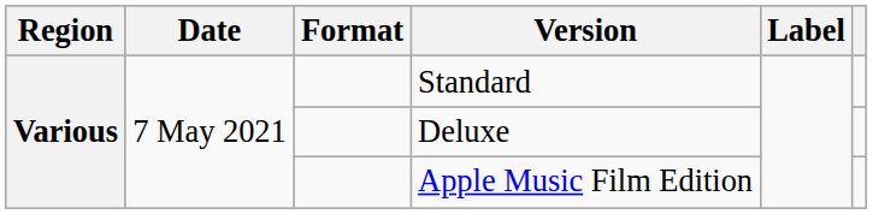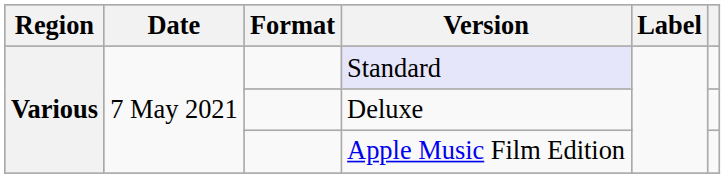 <table class="wikitable plainrowheaders">
 <tr>
 <th scope="col">Region</th>
 <th scope="col">Date</th>
 <th scope="col">Format</th>
 <th scope="col">Version</th>
 <th scope="col">Label</th>
 <th scope="col"></th>
 </tr>
 <tr>
 <th scope="row" rowspan="3">Various</th>
 <td rowspan="3">7 May 2021</td>
 <td></td>
-<td>Standard</td>
+<td style="background: lavender;">Standard</td>
 <td rowspan="3"></td>
 <td></td>
 </tr>
 <tr>
 <td></td>
 <td>Deluxe</td>
 <td></td>
 </tr>
 <tr>
 <td></td>
 <td><a href='#'>Apple Music</a> Film Edition</td>
 <td></td>
 </tr>
 </table>
